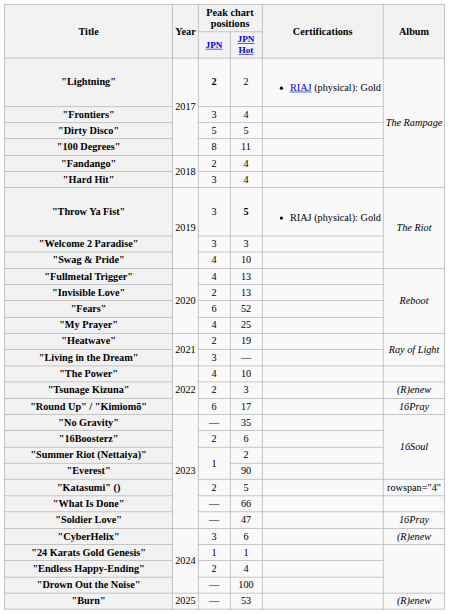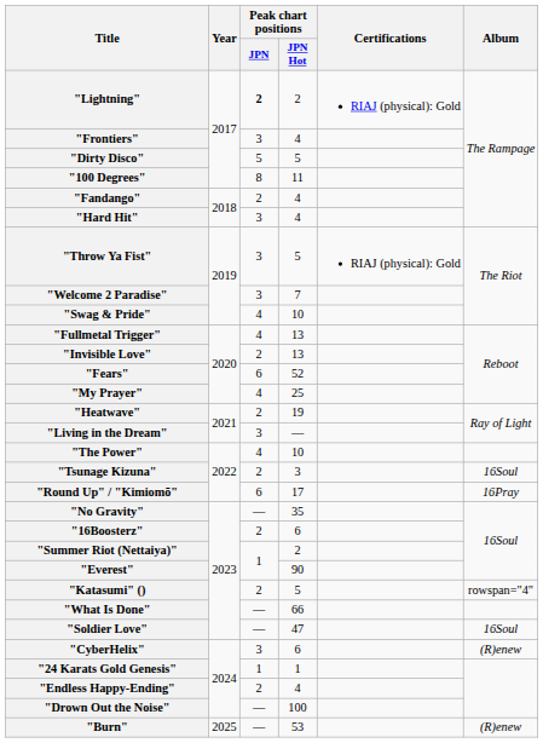 <table class="wikitable plainrowheaders" style="text-align:center;">
 <tr>
 <th rowspan="2" scope="col" style="width:16em;">Title</th>
 <th scope="col" rowspan="2">Year</th>
 <th scope="col" colspan="2">Peak chart positions</th>
 <th scope="col" rowspan="2">Certifications</th>
 <th scope="col" rowspan="2">Album</th>
 </tr>
 <tr>
 <th scope="col" style="font-size:90%; width:3em"><a href='#'>JPN</a><br></th>
 <th scope="col" style="font-size:90%; width:3em"><a href='#'>JPN<br>Hot</a><br></th>
 </tr>
 <tr>
 <th scope="row">"Lightning"</th>
 <td rowspan="4">2017</td>
 <td><strong>2</strong></td>
 <td>2</td>
 <td><br><ul><li><a href='#'>RIAJ</a> <span>(physical)</span>: Gold</li></ul></td>
 <td rowspan="6"><em>The Rampage</em></td>
 </tr>
 <tr>
 <th scope="row">"Frontiers"</th>
 <td>3</td>
 <td>4</td>
 <td></td>
 </tr>
 <tr>
 <th scope="row">"Dirty Disco"</th>
 <td>5</td>
 <td>5</td>
 <td></td>
 </tr>
 <tr>
 <th scope="row">"100 Degrees"</th>
 <td>8</td>
 <td>11</td>
 <td></td>
 </tr>
 <tr>
 <th scope="row">"Fandango"</th>
 <td rowspan="2">2018</td>
 <td>2</td>
 <td>4</td>
 <td></td>
 </tr>
 <tr>
 <th scope="row">"Hard Hit"</th>
 <td>3</td>
 <td>4</td>
 <td></td>
 </tr>
 <tr>
 <th scope="row">"Throw Ya Fist"</th>
 <td rowspan="3">2019</td>
 <td>3</td>
-<td><strong>5</strong></td>
+<td>5</td>
 <td><br><ul><li>RIAJ <span>(physical)</span>: Gold</li></ul></td>
 <td rowspan="3"><em>The Riot</em></td>
 </tr>
 <tr>
 <th scope="row">"Welcome 2 Paradise"</th>
 <td>3</td>
-<td>3</td>
+<td>7</td>
 <td></td>
 </tr>
 <tr>
 <th scope="row">"Swag & Pride"</th>
 <td>4</td>
 <td>10</td>
 <td></td>
 </tr>
 <tr>
 <th scope="row">"Fullmetal Trigger"</th>
 <td rowspan="4">2020</td>
 <td>4</td>
 <td>13</td>
 <td></td>
 <td rowspan="4"><em>Reboot</em></td>
 </tr>
 <tr>
 <th scope="row">"Invisible Love"</th>
 <td>2</td>
 <td>13</td>
 <td></td>
 </tr>
 <tr>
 <th scope="row">"Fears"</th>
 <td>6</td>
 <td>52</td>
 <td></td>
 </tr>
 <tr>
 <th scope="row">"My Prayer"</th>
 <td>4</td>
 <td>25</td>
 <td></td>
 </tr>
 <tr>
 <th scope="row">"Heatwave"</th>
 <td rowspan="2">2021</td>
 <td>2</td>
 <td>19</td>
 <td></td>
 <td rowspan="2"><em>Ray of Light</em></td>
 </tr>
 <tr>
 <th scope="row">"Living in the Dream"</th>
 <td>3</td>
 <td>—</td>
 <td></td>
 </tr>
 <tr>
 <th scope="row">"The Power"</th>
 <td rowspan="3">2022</td>
 <td>4</td>
 <td>10</td>
 <td></td>
 <td></td>
 </tr>
 <tr>
 <th scope="row">"Tsunage Kizuna"</th>
 <td>2</td>
 <td>3</td>
 <td></td>
-<td><em>(R)enew</em></td>
+<td><em>16Soul</em></td>
 </tr>
 <tr>
 <th scope="row">"Round Up" / "Kimiomō"<br></th>
 <td>6</td>
 <td>17</td>
 <td></td>
 <td><em>16Pray</em></td>
 </tr>
 <tr>
 <th scope="row">"No Gravity"</th>
 <td rowspan="7">2023</td>
 <td>—</td>
 <td>35</td>
 <td></td>
 <td rowspan="4"><em>16Soul</em></td>
 </tr>
 <tr>
 <th scope="row">"16Boosterz"</th>
 <td>2</td>
 <td>6</td>
 <td></td>
 </tr>
 <tr>
 <th scope="row">"Summer Riot (Nettaiya)"</th>
 <td rowspan="2">1</td>
 <td>2</td>
 <td></td>
 </tr>
 <tr>
 <th scope="row">"Everest"</th>
 <td>90</td>
 <td></td>
 </tr>
 <tr>
 <th scope="row">"Katasumi" ()</th>
 <td>2</td>
 <td>5</td>
 <td></td>
 <td>rowspan="4" </td>
 </tr>
 <tr>
 <th scope="row">"What Is Done"<br></th>
 <td>—</td>
 <td>66</td>
 <td></td>
 </tr>
 <tr>
 <th scope="row">"Soldier Love"</th>
 <td>—</td>
 <td>47</td>
 <td></td>
-<td><em>16Pray</em></td>
+<td><em>16Soul</em></td>
 </tr>
 <tr>
 <th scope="row">"CyberHelix"</th>
 <td rowspan="4">2024</td>
 <td>3</td>
 <td>6</td>
 <td></td>
 <td><em>(R)enew</em></td>
 </tr>
 <tr>
 <th scope="row">"24 Karats Gold Genesis"</th>
 <td>1</td>
 <td>1</td>
 <td></td>
 </tr>
 <tr>
 <th scope="row">"Endless Happy-Ending"</th>
 <td>2</td>
 <td>4</td>
 <td></td>
 </tr>
 <tr>
 <th scope="row">"Drown Out the Noise"</th>
 <td>—</td>
 <td>100</td>
 <td></td>
 </tr>
 <tr>
 <th scope="row">"Burn"</th>
 <td>2025</td>
 <td>—</td>
 <td>53</td>
 <td></td>
 <td><em>(R)enew</em></td>
 </tr>
 </table>
